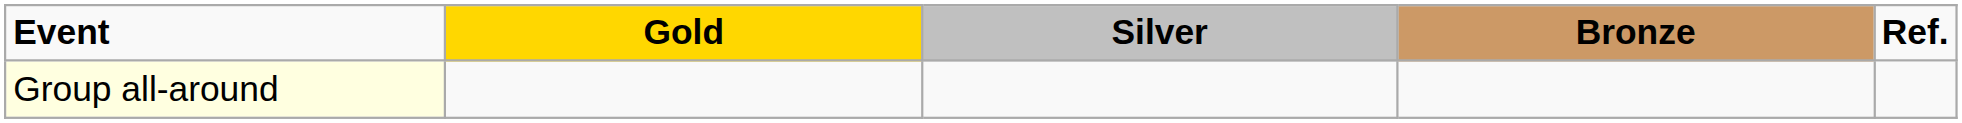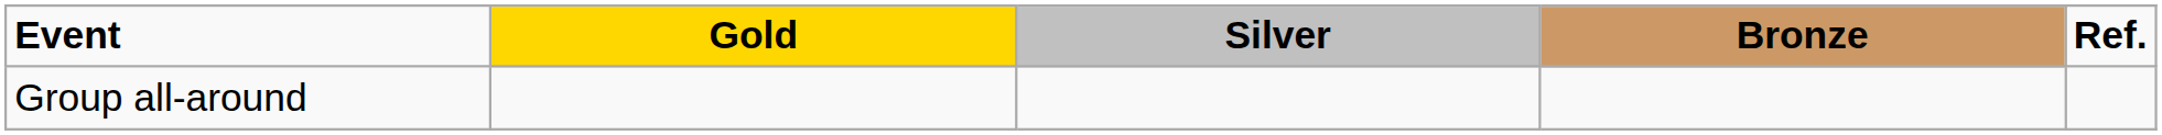 <table class="wikitable">
 <tr>
 <td style="width:12em;"><strong>Event</strong></td>
 <td style="text-align:center; background:gold; width:13em;"><strong>Gold</strong></td>
 <td style="text-align:center; background:silver; width:13em;"><strong>Silver</strong></td>
 <td style="text-align:center; background:#c96; width:13em;"><strong>Bronze</strong></td>
 <td style="width:1em;"><strong>Ref.</strong></td>
 </tr>
 <tr>
-<td style="background: lightyellow;">Group all-around</td>
+<td>Group all-around</td>
 <td></td>
 <td></td>
 <td></td>
 <td></td>
 </tr>
 </table>
